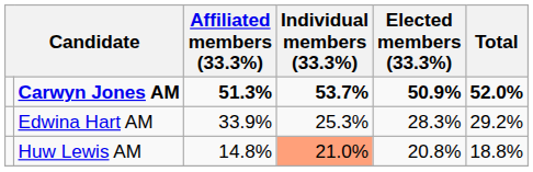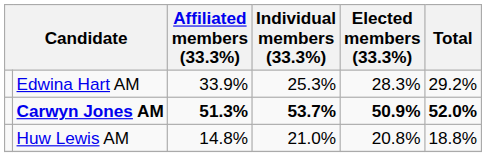 <table class="wikitable sortable" style="font-size: 95%;">
 <tr>
 <th colspan="2" scope="col">Candidate<br></th>
 <th scope="col"><a href='#'>Affiliated</a> <br> members<br> <strong>(33.3%)</strong></th>
 <th scope="col">Individual <br> members <br> <strong>(33.3%)</strong></th>
 <th scope="col">Elected <br>members<br> <strong>(33.3%)</strong></th>
 <th scope="col">Total</th>
+</tr>
+<tr align="right">
+<td style="background-color: "></td>
+<td scope="row" align="left"><a href='#'>Edwina Hart</a> AM</td>
+<td>33.9%</td>
+<td>25.3%</td>
+<td>28.3%</td>
+<td>29.2%</td>
 </tr>
 <tr align="right">
 <td style="background-color: "></td>
 <td scope="row" align="left"><strong><a href='#'>Carwyn Jones</a> AM</strong></td>
 <td><strong>51.3%</strong></td>
 <td><strong>53.7%</strong></td>
 <td><strong>50.9%</strong></td>
 <td><strong>52.0%</strong></td>
 </tr>
 <tr align="right">
 <td style="background-color: "></td>
-<td scope="row" align="left"><a href='#'>Edwina Hart</a> AM</td>
-<td>33.9%</td>
-<td>25.3%</td>
-<td>28.3%</td>
-<td>29.2%</td>
-</tr>
-<tr align="right">
-<td style="background-color: "></td>
 <td scope="row" align="left"><a href='#'>Huw Lewis</a> AM</td>
 <td>14.8%</td>
-<td style="background: lightsalmon;">21.0%</td>
+<td>21.0%</td>
 <td>20.8%</td>
 <td>18.8%</td>
 </tr>
 <tr>
 </tr>
 </table>
